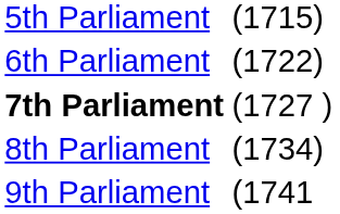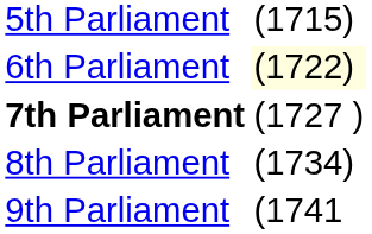 <table id=toc style="float:right">
 <tr>
 <td><a href='#'>5th Parliament</a></td>
 <td>(1715)</td>
 </tr>
 <tr>
 <td><a href='#'>6th Parliament</a></td>
-<td>(1722)</td>
+<td style="background: lightyellow;">(1722)</td>
 </tr>
 <tr>
 <td><strong>7th Parliament</strong></td>
 <td>(1727 )</td>
 </tr>
 <tr>
 <td><a href='#'>8th Parliament</a></td>
 <td>(1734)</td>
 </tr>
 <tr>
 <td><a href='#'>9th Parliament</a></td>
 <td>(1741</td>
 </tr>
 </table>
